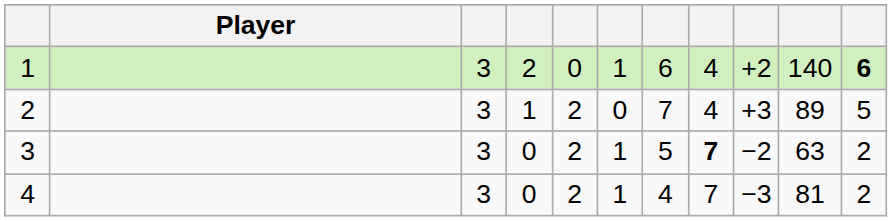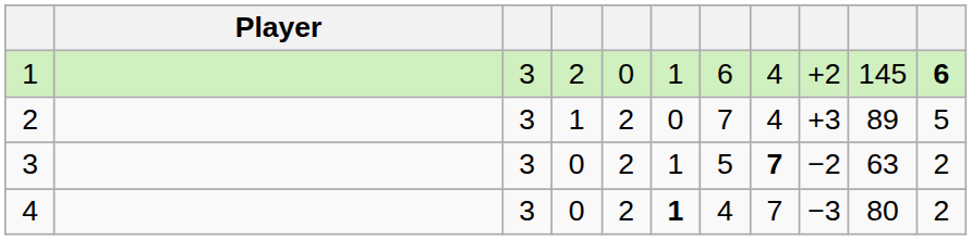 <table class="wikitable" style="text-align:center; margin: 1em auto 1em auto, align:left">
 <tr>
 <th width=20></th>
 <th width=240>Player</th>
 <th width=20></th>
 <th width=20></th>
 <th width=20></th>
 <th width=20></th>
 <th width=20></th>
 <th width=20></th>
 <th width=20></th>
 <th width=30></th>
 <th width=20></th>
 </tr>
 <tr style="background:#D0F0C0;">
 <td>1</td>
 <td align=left></td>
 <td>3</td>
 <td>2</td>
 <td>0</td>
 <td>1</td>
 <td>6</td>
 <td>4</td>
 <td>+2</td>
-<td>140</td>
+<td>145</td>
 <td><strong>6</strong></td>
 </tr>
 <tr style=>
 <td>2</td>
 <td align=left></td>
 <td>3</td>
 <td>1</td>
 <td>2</td>
 <td>0</td>
 <td>7</td>
 <td>4</td>
 <td>+3</td>
 <td>89</td>
 <td>5</td>
 </tr>
 <tr style=>
 <td>3</td>
 <td align=left></td>
 <td>3</td>
 <td>0</td>
 <td>2</td>
 <td>1</td>
 <td>5</td>
 <td><strong>7</strong></td>
 <td>−2</td>
 <td>63</td>
 <td>2</td>
 </tr>
 <tr style=>
 <td>4</td>
 <td align=left></td>
 <td>3</td>
 <td>0</td>
 <td>2</td>
-<td>1</td>
+<td><strong>1</strong></td>
 <td>4</td>
 <td>7</td>
 <td>−3</td>
-<td>81</td>
+<td>80</td>
 <td>2</td>
 </tr>
 </table>
